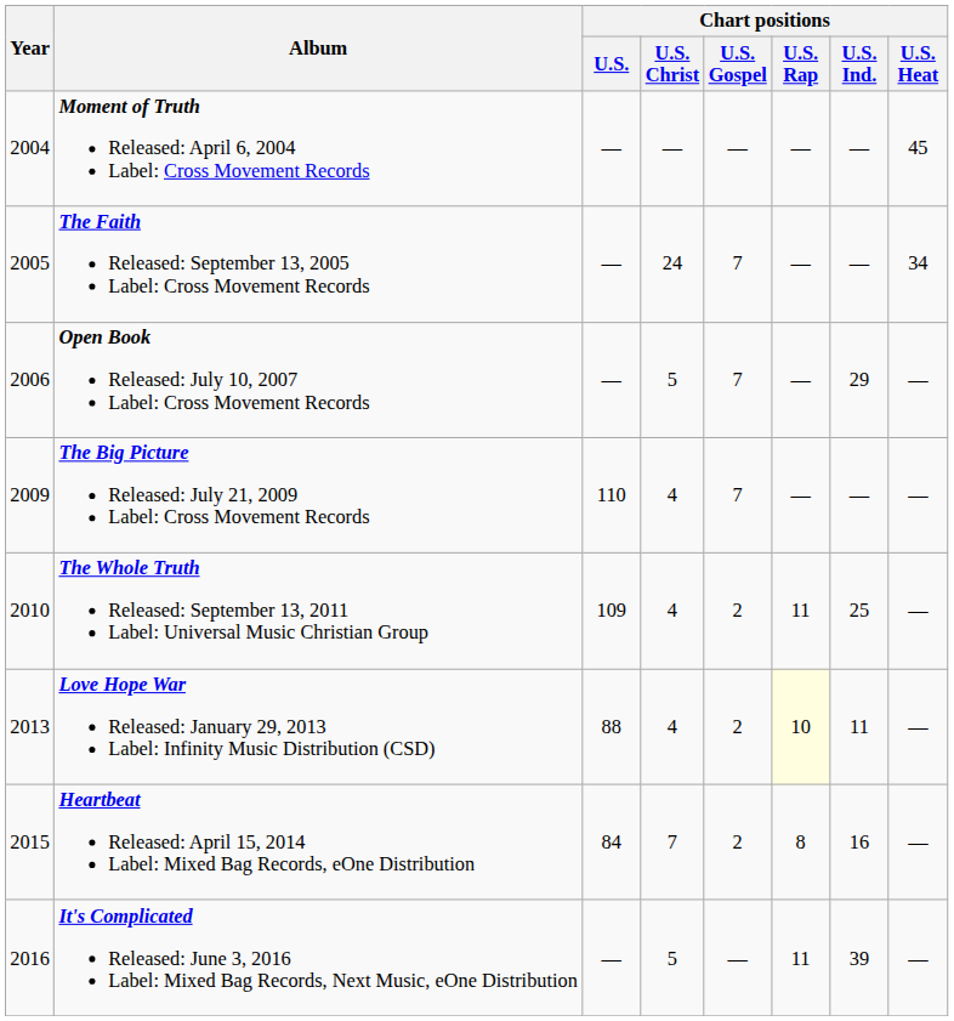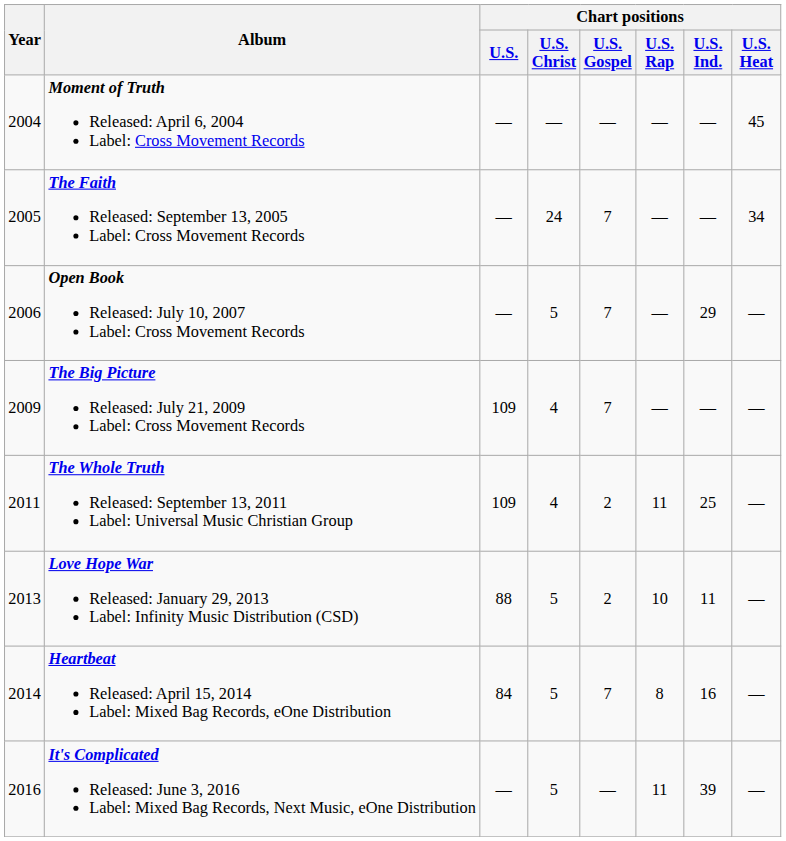 <table class="wikitable">
 <tr>
 <th rowspan="2">Year</th>
 <th rowspan="2">Album</th>
 <th colspan="6">Chart positions</th>
 </tr>
 <tr>
 <th style="text-align:center; width:40px;"><a href='#'>U.S.</a></th>
 <th style="text-align:center; width:40px;"><a href='#'>U.S. Christ</a></th>
 <th style="text-align:center; width:40px;"><a href='#'>U.S. Gospel</a></th>
 <th style="text-align:center; width:40px;"><a href='#'>U.S. Rap</a></th>
 <th style="text-align:center; width:40px;"><a href='#'>U.S. Ind.</a></th>
 <th style="text-align:center; width:40px;"><a href='#'>U.S. Heat</a></th>
 </tr>
 <tr>
 <td>2004</td>
 <td><strong><em>Moment of Truth</em></strong><br><ul><li>Released: April 6, 2004</li><li>Label: <a href='#'>Cross Movement Records</a></li></ul></td>
 <td style="text-align:center;">—</td>
 <td style="text-align:center;">—</td>
 <td style="text-align:center;">—</td>
 <td style="text-align:center;">—</td>
 <td style="text-align:center;">—</td>
 <td style="text-align:center;">45</td>
 </tr>
 <tr>
 <td>2005</td>
 <td><strong><em><a href='#'>The Faith</a></em></strong><br><ul><li>Released: September 13, 2005</li><li>Label: Cross Movement Records</li></ul></td>
 <td style="text-align:center;">—</td>
 <td style="text-align:center;">24</td>
 <td style="text-align:center;">7</td>
 <td style="text-align:center;">—</td>
 <td style="text-align:center;">—</td>
 <td style="text-align:center;">34</td>
 </tr>
 <tr>
 <td>2006</td>
 <td><strong><em>Open Book</em></strong><br><ul><li>Released: July 10, 2007</li><li>Label: Cross Movement Records</li></ul></td>
 <td style="text-align:center;">—</td>
 <td style="text-align:center;">5</td>
 <td style="text-align:center;">7</td>
 <td style="text-align:center;">—</td>
 <td style="text-align:center;">29</td>
 <td style="text-align:center;">—</td>
 </tr>
 <tr>
 <td>2009</td>
 <td><strong><em><a href='#'>The Big Picture</a></em></strong><br><ul><li>Released: July 21, 2009</li><li>Label: Cross Movement Records</li></ul></td>
-<td style="text-align:center;">110</td>
+<td style="text-align:center;">109</td>
 <td style="text-align:center;">4</td>
 <td style="text-align:center;">7</td>
 <td style="text-align:center;">—</td>
 <td style="text-align:center;">—</td>
 <td style="text-align:center;">—</td>
 </tr>
 <tr>
-<td>2010</td>
+<td>2011</td>
 <td><strong><em><a href='#'>The Whole Truth</a></em></strong><br><ul><li>Released: September 13, 2011</li><li>Label: Universal Music Christian Group</li></ul></td>
 <td style="text-align:center;">109</td>
 <td style="text-align:center;">4</td>
 <td style="text-align:center;">2</td>
 <td style="text-align:center;">11</td>
 <td style="text-align:center;">25</td>
 <td style="text-align:center;">—</td>
 </tr>
 <tr>
 <td>2013</td>
 <td><strong><em><a href='#'>Love Hope War</a></em></strong><br><ul><li>Released: January 29, 2013</li><li>Label: Infinity Music Distribution (CSD)</li></ul></td>
 <td style="text-align:center;">88</td>
-<td style="text-align:center;">4</td>
+<td style="text-align:center;">5</td>
 <td style="text-align:center;">2</td>
-<td style="background: lightyellow; text-align:center;">10</td>
+<td style="text-align:center;">10</td>
 <td style="text-align:center;">11</td>
 <td style="text-align:center;">—</td>
 </tr>
 <tr>
-<td>2015</td>
+<td>2014</td>
 <td><strong><em><a href='#'>Heartbeat</a></em></strong><br><ul><li>Released: April 15, 2014</li><li>Label: Mixed Bag Records, eOne Distribution</li></ul></td>
 <td style="text-align:center;">84</td>
+<td style="text-align:center;">5</td>
 <td style="text-align:center;">7</td>
-<td style="text-align:center;">2</td>
 <td style="text-align:center;">8</td>
 <td style="text-align:center;">16</td>
 <td style="text-align:center;">—</td>
 </tr>
 <tr>
 <td>2016</td>
 <td><strong><em><a href='#'>It's Complicated</a></em></strong><br><ul><li>Released: June 3, 2016</li><li>Label: Mixed Bag Records, Next Music, eOne Distribution</li></ul></td>
 <td style="text-align:center;">—</td>
 <td style="text-align:center;">5</td>
 <td style="text-align:center;">—</td>
 <td style="text-align:center;">11</td>
 <td style="text-align:center;">39</td>
 <td style="text-align:center;">—</td>
 </tr>
 </table>
